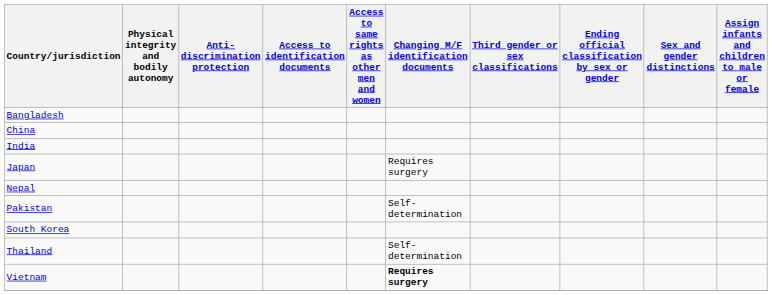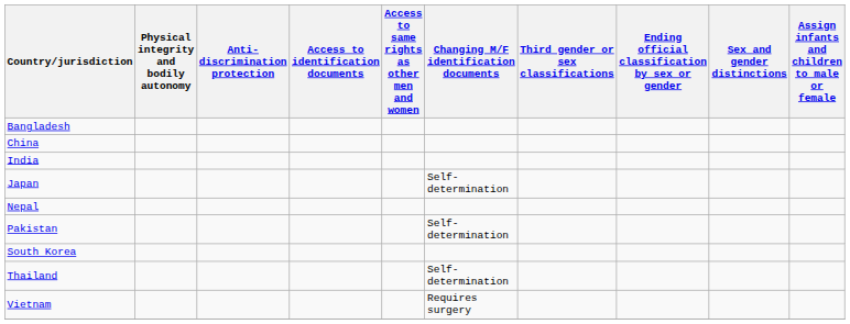 <table class="wikitable">
 <tr>
 <th width="12.5%">Country/jurisdiction</th>
 <th width="12.5%">Physical integrity and bodily autonomy</th>
 <th width="12.5%"><a href='#'>Anti-discrimination protection</a></th>
 <th width="12.5%"><a href='#'>Access to identification documents</a></th>
 <th width="12.5%"><a href='#'>Access to same rights as other men and women</a></th>
 <th width="12.5%"><a href='#'>Changing M/F identification documents</a></th>
 <th width="12.5%"><a href='#'>Third gender or sex classifications</a></th>
 <th width="12.5%"><a href='#'>Ending official classification by sex or gender</a></th>
 <th width="12.5%"><a href='#'>Sex and gender distinctions</a></th>
 <th width="12.5%"><a href='#'>Assign infants and children to male or female</a></th>
 </tr>
 <tr>
 <td> <a href='#'>Bangladesh</a></td>
 <td> </td>
 <td> </td>
 <td></td>
 <td></td>
 <td> </td>
 <td> </td>
 <td></td>
 <td></td>
 <td></td>
 </tr>
 <tr>
 <td> <a href='#'>China</a></td>
 <td> </td>
 <td> </td>
 <td></td>
 <td></td>
 <td></td>
 <td></td>
 <td></td>
 <td></td>
 <td></td>
 </tr>
 <tr>
 <td> <a href='#'>India</a></td>
 <td></td>
 <td></td>
 <td></td>
 <td></td>
 <td> </td>
 <td> </td>
 <td></td>
 <td></td>
 <td></td>
 </tr>
 <tr>
 <td> <a href='#'>Japan</a></td>
 <td> </td>
 <td> </td>
 <td></td>
 <td></td>
-<td>  Requires surgery</td>
+<td>  Self-determination</td>
 <td></td>
 <td></td>
 <td></td>
 <td></td>
 </tr>
 <tr>
 <td> <a href='#'>Nepal</a></td>
 <td> </td>
 <td> </td>
 <td></td>
 <td></td>
 <td> </td>
 <td> </td>
 <td></td>
 <td></td>
 <td></td>
 </tr>
 <tr>
 <td> <a href='#'>Pakistan</a></td>
 <td> </td>
 <td> </td>
 <td></td>
 <td></td>
 <td>  Self-determination</td>
 <td> </td>
 <td></td>
 <td></td>
 <td></td>
 </tr>
 <tr>
 <td> <a href='#'>South Korea</a></td>
 <td></td>
 <td> </td>
 <td></td>
 <td></td>
 <td> </td>
 <td></td>
 <td></td>
 <td></td>
 <td></td>
 </tr>
 <tr>
 <td> <a href='#'>Thailand</a></td>
 <td> </td>
 <td> </td>
 <td></td>
 <td></td>
 <td>  Self-determination</td>
 <td></td>
 <td></td>
 <td></td>
 <td></td>
 </tr>
 <tr>
 <td> <a href='#'>Vietnam</a></td>
 <td> </td>
 <td> </td>
 <td></td>
 <td></td>
-<td><strong>  Requires surgery</strong></td>
+<td>  Requires surgery</td>
 <td></td>
 <td></td>
 <td></td>
 <td></td>
 </tr>
 <tr>
 </tr>
 </table>
